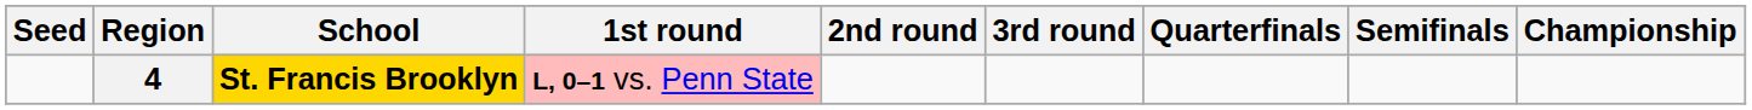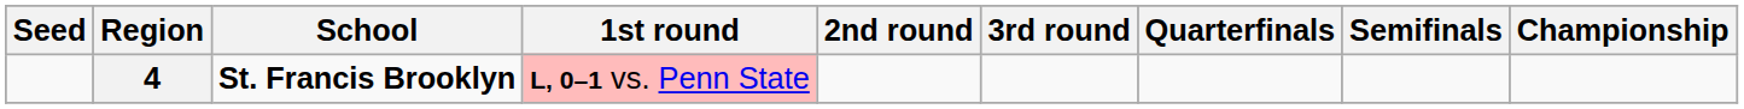 <table class="sortable wikitable" style="white-space:nowrap; font-size:90%;">
 <tr>
 <th>Seed</th>
 <th>Region</th>
 <th>School</th>
 <th>1st round</th>
 <th>2nd round</th>
 <th>3rd round</th>
 <th>Quarterfinals</th>
 <th>Semifinals</th>
 <th>Championship</th>
 </tr>
 <tr>
 <td></td>
 <th>4</th>
-<td style="background: gold;"><strong>St. Francis Brooklyn</strong></td>
+<td><strong>St. Francis Brooklyn</strong></td>
 <td style="background:#fbb;"><small><strong>L, 0–1</strong></small> vs. <a href='#'>Penn State</a></td>
 <td></td>
 <td></td>
 <td></td>
 <td></td>
 </tr>
 </table>
